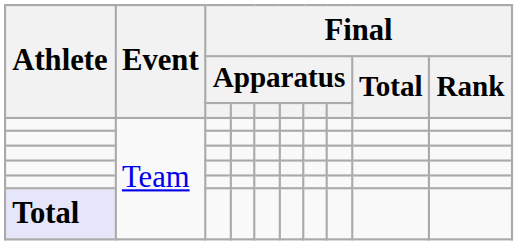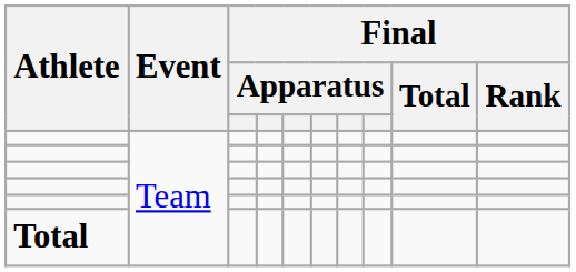 <table class="wikitable" style="font-size:90%">
 <tr>
 <th rowspan=3>Athlete</th>
 <th rowspan=3>Event</th>
 <th colspan =8>Final</th>
 </tr>
 <tr style="font-size:95%">
 <th colspan=6>Apparatus</th>
 <th rowspan=2>Total</th>
 <th rowspan=2>Rank</th>
 </tr>
 <tr style="font-size:95%">
 <th></th>
 <th></th>
 <th></th>
 <th></th>
 <th></th>
 <th></th>
 </tr>
 <tr align=center>
 <td align=left></td>
 <td style="text-align:left;" rowspan="6"><a href='#'>Team</a></td>
 <td></td>
 <td></td>
 <td></td>
 <td></td>
 <td></td>
 <td></td>
 <td></td>
 <td></td>
 </tr>
 <tr align=center>
 <td align=left></td>
 <td></td>
 <td></td>
 <td></td>
 <td></td>
 <td></td>
 <td></td>
 <td></td>
 <td></td>
 </tr>
 <tr align=center>
 <td align=left></td>
 <td></td>
 <td></td>
 <td></td>
 <td></td>
 <td></td>
 <td></td>
 <td></td>
 <td></td>
 </tr>
 <tr align=center>
 <td align=left></td>
 <td></td>
 <td></td>
 <td></td>
 <td></td>
 <td></td>
 <td></td>
 <td></td>
 <td></td>
 </tr>
 <tr align=center>
 <td align=left></td>
 <td></td>
 <td></td>
 <td></td>
 <td></td>
 <td></td>
 <td></td>
 <td></td>
 <td></td>
 </tr>
 <tr align=center>
-<td align=left style="background: lavender;"><strong>Total</strong></td>
+<td align=left><strong>Total</strong></td>
 <td></td>
 <td></td>
 <td></td>
 <td></td>
 <td></td>
 <td></td>
 <td></td>
 <td></td>
 </tr>
 </table>
